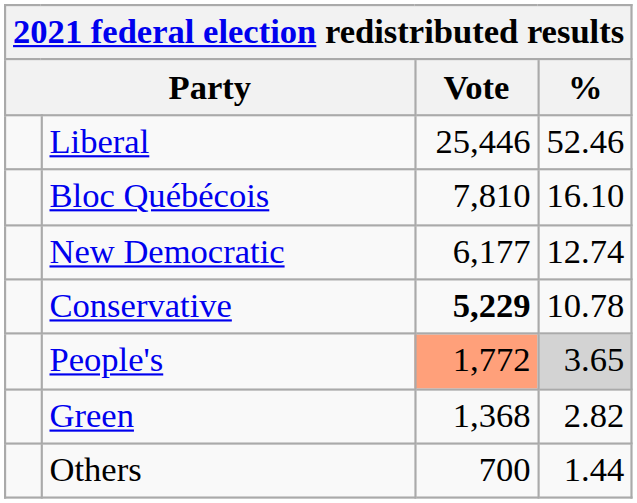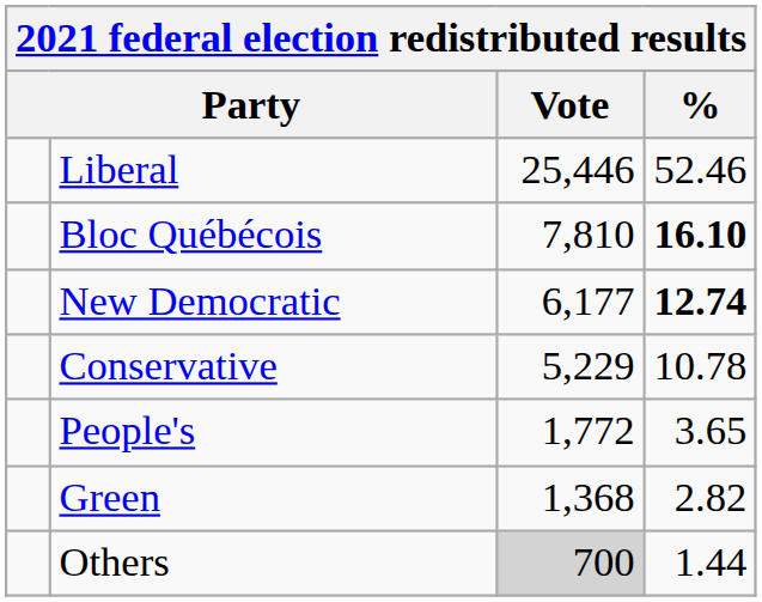 <table class="wikitable">
 <tr>
 <th colspan="4"><a href='#'>2021 federal election</a> redistributed results</th>
 </tr>
 <tr>
 <th bgcolor="#DDDDFF" width="130px" colspan="2">Party</th>
 <th bgcolor="#DDDDFF" width="50px">Vote</th>
 <th bgcolor="#DDDDFF" width="30px">%</th>
 </tr>
 <tr>
 <td> </td>
 <td><a href='#'>Liberal</a></td>
 <td align=right>25,446</td>
 <td align=right>52.46</td>
 </tr>
 <tr>
 <td> </td>
 <td><a href='#'>Bloc Québécois</a></td>
 <td align=right>7,810</td>
-<td align=right>16.10</td>
+<td align=right><strong>16.10</strong></td>
 </tr>
 <tr>
 <td> </td>
 <td><a href='#'>New Democratic</a></td>
 <td align=right>6,177</td>
-<td align=right>12.74</td>
+<td align=right><strong>12.74</strong></td>
 </tr>
 <tr>
 <td> </td>
 <td><a href='#'>Conservative</a></td>
-<td align=right><strong>5,229</strong></td>
+<td align=right>5,229</td>
 <td align=right>10.78</td>
 </tr>
 <tr>
 <td> </td>
 <td><a href='#'>People's</a></td>
-<td align=right style="background: lightsalmon;">1,772</td>
-<td align=right style="background: lightgrey;">3.65</td>
+<td align=right>1,772</td>
+<td align=right>3.65</td>
 </tr>
 <tr>
 <td> </td>
 <td><a href='#'>Green</a></td>
 <td align=right>1,368</td>
 <td align=right>2.82</td>
 </tr>
 <tr>
 <td> </td>
 <td>Others</td>
-<td align=right>700</td>
+<td align=right style="background: lightgrey;">700</td>
 <td align=right>1.44</td>
 </tr>
 </table>
